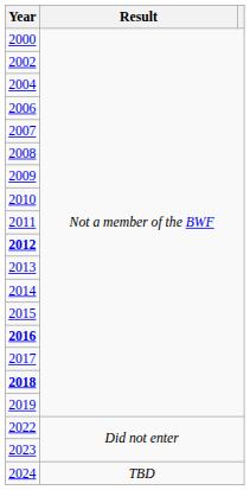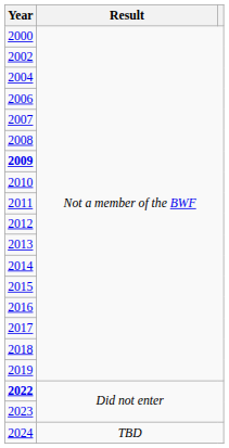 <table class="wikitable" style="text-align: center; font-size:90%">
 <tr>
 <th>Year</th>
 <th style="width:200px">Result</th>
 <th></th>
 </tr>
 <tr>
 <td><a href='#'>2000</a></td>
 <td colspan="2" rowspan="17"><em>Not a member of the <a href='#'>BWF</a></em></td>
 </tr>
 <tr>
 <td><a href='#'>2002</a></td>
 </tr>
 <tr>
 <td><a href='#'>2004</a></td>
 </tr>
 <tr>
 <td><a href='#'>2006</a></td>
 </tr>
 <tr>
 <td><a href='#'>2007</a></td>
 </tr>
 <tr>
 <td><a href='#'>2008</a></td>
 </tr>
 <tr>
-<td><a href='#'>2009</a></td>
+<td><strong><a href='#'>2009</a></strong></td>
 </tr>
 <tr>
 <td><a href='#'>2010</a></td>
 </tr>
 <tr>
 <td><a href='#'>2011</a></td>
 </tr>
 <tr>
-<td><strong><a href='#'>2012</a></strong></td>
+<td><a href='#'>2012</a></td>
 </tr>
 <tr>
 <td><a href='#'>2013</a></td>
 </tr>
 <tr>
 <td><a href='#'>2014</a></td>
 </tr>
 <tr>
 <td><a href='#'>2015</a></td>
 </tr>
 <tr>
-<td><strong><a href='#'>2016</a></strong></td>
+<td><a href='#'>2016</a></td>
 </tr>
 <tr>
 <td><a href='#'>2017</a></td>
 </tr>
 <tr>
-<td><strong><a href='#'>2018</a></strong></td>
+<td><a href='#'>2018</a></td>
 </tr>
 <tr>
 <td><a href='#'>2019</a></td>
 </tr>
 <tr>
-<td><a href='#'>2022</a></td>
+<td><strong><a href='#'>2022</a></strong></td>
 <td colspan="2" rowspan="2"><em>Did not enter</em></td>
 </tr>
 <tr>
 <td><a href='#'>2023</a></td>
 </tr>
 <tr>
 <td><a href='#'>2024</a></td>
 <td colspan="2"><em>TBD</em></td>
 </tr>
 </table>
